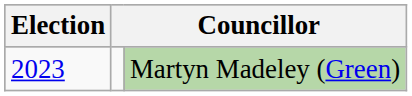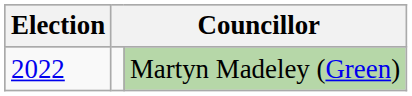 <table class="wikitable">
 <tr>
 <th>Election</th>
 <th colspan="2">Councillor</th>
 </tr>
 <tr>
-<td><a href='#'>2023</a></td>
+<td><a href='#'>2022</a></td>
 <td style="background-color: "></td>
 <td bgcolor="#B6D7A8">Martyn Madeley (<a href='#'>Green</a>)</td>
 </tr>
 </table>
